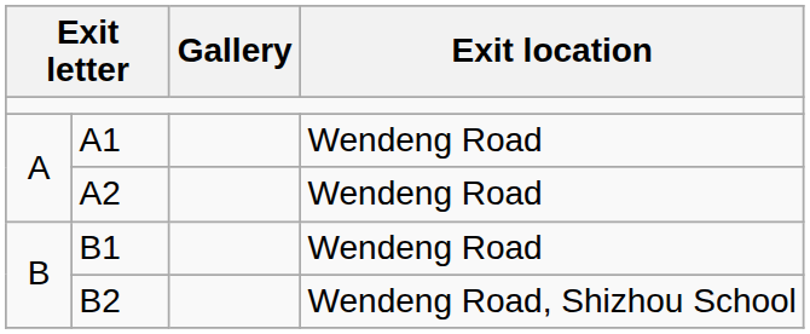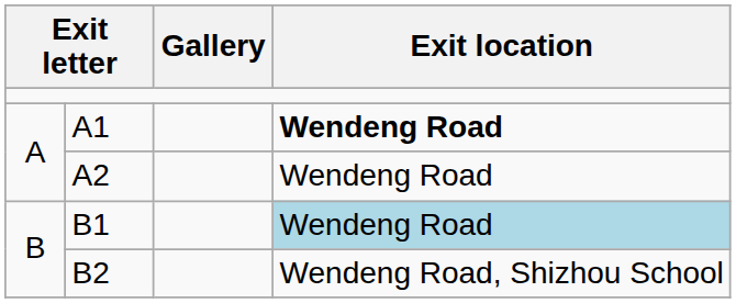 <table class="wikitable">
 <tr>
 <th colspan=2 style="width:70px">Exit letter</th>
 <th>Gallery</th>
 <th>Exit location</th>
 </tr>
 <tr style="background:#">
 <td colspan="4"></td>
 </tr>
 <tr>
 <td rowspan=2 align=center>A</td>
 <td>A1</td>
 <td></td>
-<td>Wendeng Road</td>
+<td><strong>Wendeng Road</strong></td>
 </tr>
 <tr>
 <td>A2</td>
 <td></td>
 <td>Wendeng Road</td>
 </tr>
 <tr>
 <td rowspan=2 align=center>B</td>
 <td>B1</td>
 <td></td>
-<td>Wendeng Road</td>
+<td style="background: lightblue;">Wendeng Road</td>
 </tr>
 <tr>
 <td>B2</td>
 <td></td>
 <td>Wendeng Road, Shizhou School</td>
 </tr>
 </table>
